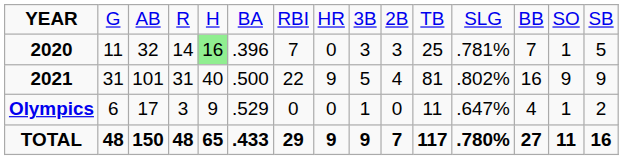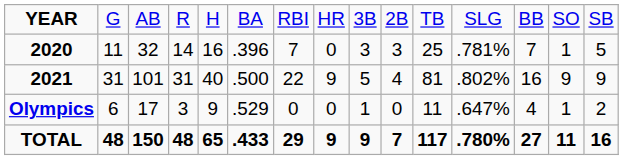 <table class="wikitable">
 <tr align=center>
 <td><strong>YEAR</strong></td>
 <td><a href='#'>G</a></td>
 <td><a href='#'>AB</a></td>
 <td><a href='#'>R</a></td>
 <td><a href='#'>H</a></td>
 <td><a href='#'>BA</a></td>
 <td><a href='#'>RBI</a></td>
 <td><a href='#'>HR</a></td>
 <td><a href='#'>3B</a></td>
 <td><a href='#'>2B</a></td>
 <td><a href='#'>TB</a></td>
 <td><a href='#'>SLG</a></td>
 <td><a href='#'>BB</a></td>
 <td><a href='#'>SO</a></td>
 <td><a href='#'>SB</a></td>
 </tr>
 <tr align=center>
 <td><strong>2020</strong></td>
 <td>11</td>
 <td>32</td>
 <td>14</td>
-<td style="background: lightgreen;">16</td>
+<td>16</td>
 <td>.396</td>
 <td>7</td>
 <td>0</td>
 <td>3</td>
 <td>3</td>
 <td>25</td>
 <td>.781%</td>
 <td>7</td>
 <td>1</td>
 <td>5</td>
 </tr>
 <tr align=center>
 <td><strong>2021</strong></td>
 <td>31</td>
 <td>101</td>
 <td>31</td>
 <td>40</td>
 <td>.500</td>
 <td>22</td>
 <td>9</td>
 <td>5</td>
 <td>4</td>
 <td>81</td>
 <td>.802%</td>
 <td>16</td>
 <td>9</td>
 <td>9</td>
 </tr>
 <tr align=center>
 <td><strong><a href='#'>Olympics</a></strong></td>
 <td>6</td>
 <td>17</td>
 <td>3</td>
 <td>9</td>
 <td>.529</td>
 <td>0</td>
 <td>0</td>
 <td>1</td>
 <td>0</td>
 <td>11</td>
 <td>.647%</td>
 <td>4</td>
 <td>1</td>
 <td>2</td>
 </tr>
 <tr align=center>
 <td><strong>TOTAL</strong></td>
 <td><strong>48</strong></td>
 <td><strong>150</strong></td>
 <td><strong>48</strong></td>
 <td><strong>65</strong></td>
 <td><strong>.433</strong></td>
 <td><strong>29</strong></td>
 <td><strong>9</strong></td>
 <td><strong>9</strong></td>
 <td><strong>7</strong></td>
 <td><strong>117</strong></td>
 <td><strong>.780%</strong></td>
 <td><strong>27</strong></td>
 <td><strong>11</strong></td>
 <td><strong>16</strong></td>
 </tr>
 </table>
